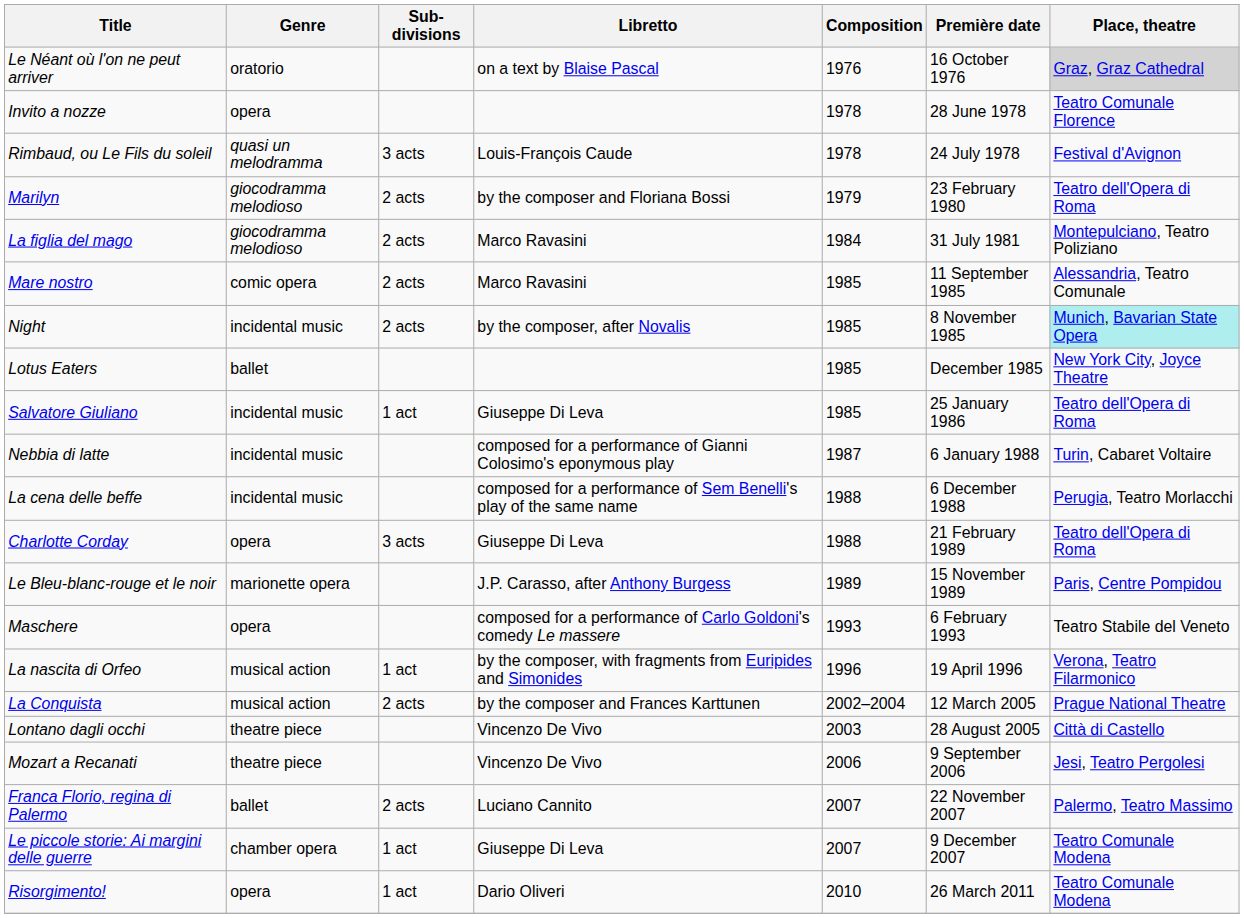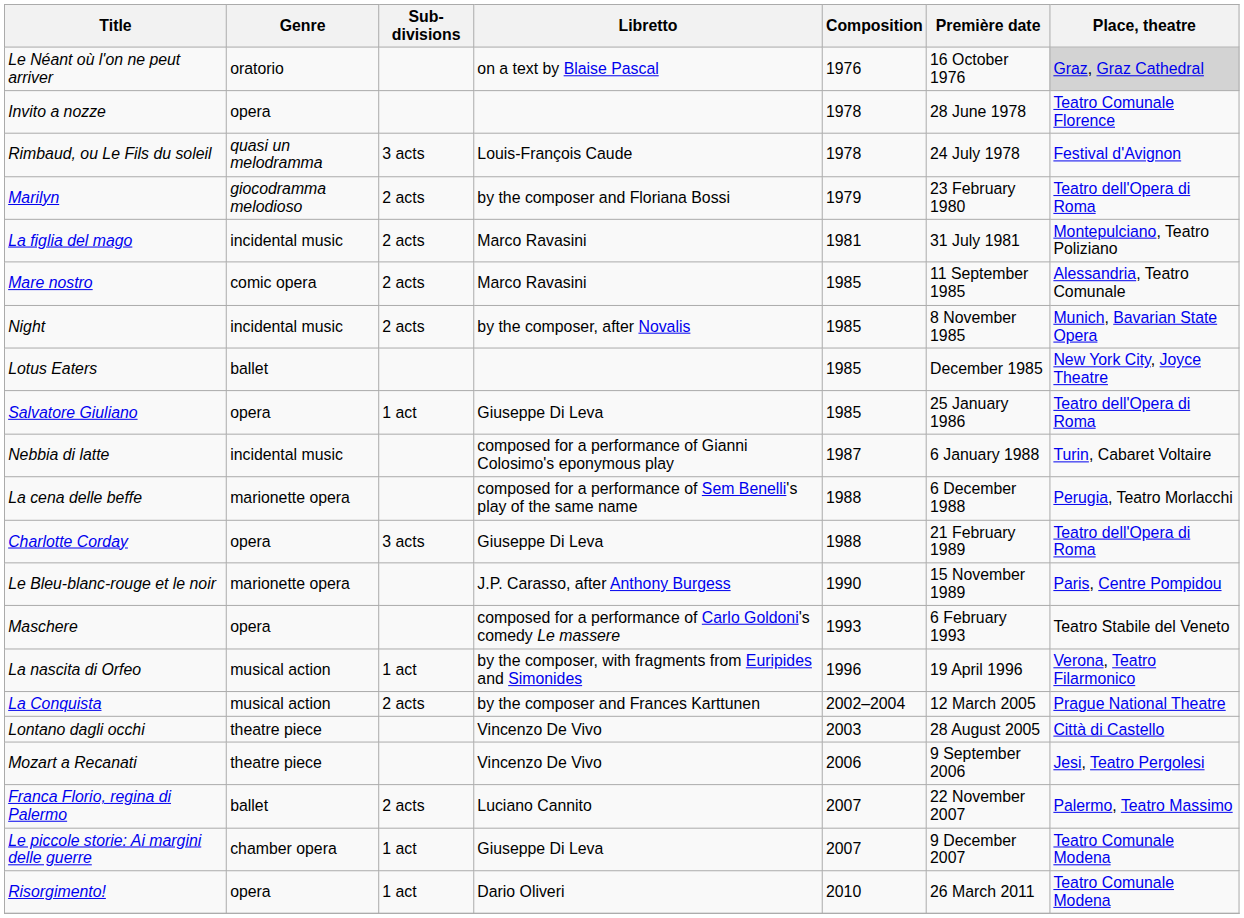 <table class="wikitable sortable">
 <tr>
 <th>Title</th>
 <th>Genre</th>
 <th>Sub­divisions</th>
 <th>Libretto</th>
 <th>Composition</th>
 <th>Première date</th>
 <th>Place, theatre</th>
 </tr>
 <tr>
 <td><em>Le Néant où l'on ne peut arriver</em></td>
 <td>oratorio</td>
 <td></td>
 <td>on a text by <a href='#'>Blaise Pascal</a></td>
 <td>1976</td>
 <td>16 October 1976</td>
 <td style="background: lightgrey;"><a href='#'>Graz</a>, <a href='#'>Graz Cathedral</a></td>
 </tr>
 <tr>
 <td><em>Invito a nozze</em></td>
 <td>opera</td>
 <td></td>
 <td></td>
 <td>1978</td>
 <td>28 June 1978</td>
 <td><a href='#'>Teatro Comunale Florence</a></td>
 </tr>
 <tr>
 <td><em>Rimbaud, ou Le Fils du soleil</em></td>
 <td><em>quasi un melodramma</em></td>
 <td>3 acts</td>
 <td>Louis-François Caude</td>
 <td>1978</td>
 <td>24 July 1978</td>
 <td><a href='#'>Festival d'Avignon</a></td>
 </tr>
 <tr>
 <td><em><a href='#'>Marilyn</a></em></td>
 <td><em>giocodramma melodioso</em></td>
 <td>2 acts</td>
 <td>by the composer and Floriana Bossi</td>
 <td>1979</td>
 <td>23 February 1980</td>
 <td><a href='#'>Teatro dell'Opera di Roma</a></td>
 </tr>
 <tr>
 <td><em><a href='#'>La figlia del mago</a></em></td>
-<td><em>giocodramma melodioso</em></td>
+<td>incidental music</td>
 <td>2 acts</td>
 <td>Marco Ravasini</td>
-<td>1984</td>
+<td>1981</td>
 <td>31 July 1981</td>
 <td><a href='#'>Montepulciano</a>, Teatro Poliziano</td>
 </tr>
 <tr>
 <td><em><a href='#'>Mare nostro</a></em></td>
 <td>comic opera</td>
 <td>2 acts</td>
 <td>Marco Ravasini</td>
 <td>1985</td>
 <td>11 September 1985</td>
 <td><a href='#'>Alessandria</a>, Teatro Comunale</td>
 </tr>
 <tr>
 <td><em>Night</em></td>
 <td>incidental music</td>
 <td>2 acts</td>
 <td>by the composer, after <a href='#'>Novalis</a></td>
 <td>1985</td>
 <td>8 November 1985</td>
-<td style="background: paleturquoise;"><a href='#'>Munich</a>, <a href='#'>Bavarian State Opera</a></td>
+<td><a href='#'>Munich</a>, <a href='#'>Bavarian State Opera</a></td>
 </tr>
 <tr>
 <td><em>Lotus Eaters</em></td>
 <td>ballet</td>
 <td></td>
 <td></td>
 <td>1985</td>
 <td>December 1985</td>
 <td><a href='#'>New York City</a>, <a href='#'>Joyce Theatre</a></td>
 </tr>
 <tr>
 <td><em><a href='#'>Salvatore Giuliano</a></em></td>
-<td>incidental music</td>
+<td>opera</td>
 <td>1 act</td>
 <td>Giuseppe Di Leva</td>
 <td>1985</td>
 <td>25 January 1986</td>
 <td><a href='#'>Teatro dell'Opera di Roma</a></td>
 </tr>
 <tr>
 <td><em>Nebbia di latte</em></td>
 <td>incidental music</td>
 <td></td>
 <td>composed for a performance of Gianni Colosimo's eponymous play</td>
 <td>1987</td>
 <td>6 January 1988</td>
 <td><a href='#'>Turin</a>, Cabaret Voltaire</td>
 </tr>
 <tr>
 <td><em>La cena delle beffe</em></td>
-<td>incidental music</td>
+<td>marionette opera</td>
 <td></td>
 <td>composed for a performance of <a href='#'>Sem Benelli</a>'s play of the same name</td>
 <td>1988</td>
 <td>6 December 1988</td>
 <td><a href='#'>Perugia</a>, Teatro Morlacchi</td>
 </tr>
 <tr>
 <td><em><a href='#'>Charlotte Corday</a></em></td>
 <td>opera</td>
 <td>3 acts</td>
 <td>Giuseppe Di Leva</td>
 <td>1988</td>
 <td>21 February 1989</td>
 <td><a href='#'>Teatro dell'Opera di Roma</a></td>
 </tr>
 <tr>
 <td><em>Le Bleu-blanc-rouge et le noir</em></td>
 <td>marionette opera</td>
 <td></td>
 <td>J.P. Carasso, after <a href='#'>Anthony Burgess</a></td>
-<td>1989</td>
+<td>1990</td>
 <td>15 November 1989</td>
 <td><a href='#'>Paris</a>, <a href='#'>Centre Pompidou</a></td>
 </tr>
 <tr>
 <td><em>Maschere</em></td>
 <td>opera</td>
 <td></td>
 <td>composed for a performance of <a href='#'>Carlo Goldoni</a>'s comedy <em>Le massere</em></td>
 <td>1993</td>
 <td>6 February 1993</td>
 <td>Teatro Stabile del Veneto</td>
 </tr>
 <tr>
 <td><em>La nascita di Orfeo</em></td>
 <td>musical action</td>
 <td>1 act</td>
 <td>by the composer, with fragments from <a href='#'>Euripides</a> and <a href='#'>Simonides</a></td>
 <td>1996</td>
 <td>19 April 1996</td>
 <td><a href='#'>Verona</a>, <a href='#'>Teatro Filarmonico</a></td>
 </tr>
 <tr>
 <td><em><a href='#'> La Conquista</a></em></td>
 <td>musical action</td>
 <td>2 acts</td>
 <td>by the composer and Frances Karttunen</td>
 <td>2002–2004</td>
 <td>12 March 2005</td>
 <td><a href='#'>Prague National Theatre</a></td>
 </tr>
 <tr>
 <td><em>Lontano dagli occhi</em></td>
 <td>theatre piece</td>
 <td></td>
 <td>Vincenzo De Vivo</td>
 <td>2003</td>
 <td>28 August 2005</td>
 <td><a href='#'>Città di Castello</a></td>
 </tr>
 <tr>
 <td><em>Mozart a Recanati</em></td>
 <td>theatre piece</td>
 <td></td>
 <td>Vincenzo De Vivo</td>
 <td>2006</td>
 <td>9 September 2006</td>
 <td><a href='#'>Jesi</a>, <a href='#'>Teatro Pergolesi</a></td>
 </tr>
 <tr>
 <td><em><a href='#'>Franca Florio, regina di Palermo</a></em></td>
 <td>ballet</td>
 <td>2 acts</td>
 <td>Luciano Cannito</td>
 <td>2007</td>
 <td>22 November 2007</td>
 <td><a href='#'>Palermo</a>, <a href='#'>Teatro Massimo</a></td>
 </tr>
 <tr>
 <td><em><a href='#'>Le piccole storie: Ai margini delle guerre</a></em></td>
 <td>chamber opera</td>
 <td>1 act</td>
 <td>Giuseppe Di Leva</td>
 <td>2007</td>
 <td>9 December 2007</td>
 <td><a href='#'>Teatro Comunale Modena</a></td>
 </tr>
 <tr>
 <td><em><a href='#'> Risorgimento!</a></em></td>
 <td>opera</td>
 <td>1 act</td>
 <td>Dario Oliveri</td>
 <td>2010</td>
 <td>26 March 2011</td>
 <td><a href='#'>Teatro Comunale Modena</a></td>
 </tr>
 <tr>
 </tr>
 </table>
